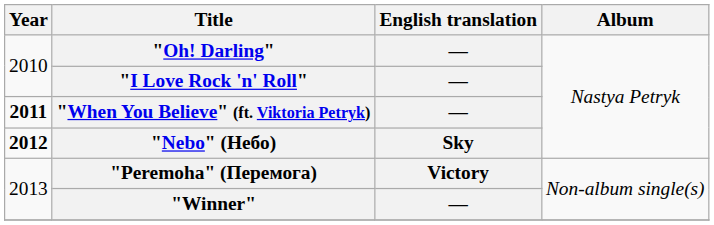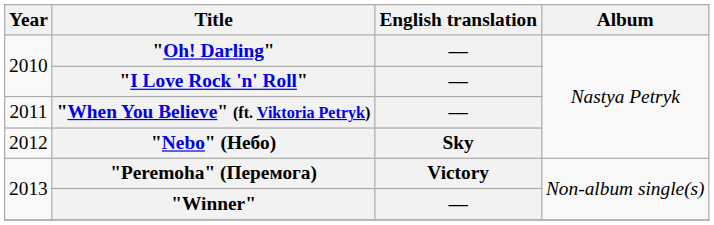 <table class="wikitable plainrowheaders" style=text-align:center;">
 <tr>
 <th scope="col" rowspan="1">Year</th>
 <th scope="col" rowspan="1">Title</th>
 <th scope="col" rowspan="1">English translation</th>
 <th scope="col" rowspan="1">Album</th>
 </tr>
 <tr>
 <td rowspan="2">2010</td>
 <th scope="row">"<a href='#'>Oh! Darling</a>"</th>
 <th scope="row">—</th>
 <td rowspan="4"><em>Nastya Petryk</em></td>
 </tr>
 <tr>
 <th scope="row">"<a href='#'>I Love Rock 'n' Roll</a>"</th>
 <th scope="row">—</th>
 </tr>
 <tr>
-<td><strong>2011</strong></td>
+<td>2011</td>
 <th scope="row">"<a href='#'>When You Believe</a>" <small>(ft. <a href='#'>Viktoria Petryk</a>)</small></th>
 <th scope="row">—</th>
 </tr>
 <tr>
-<td><strong>2012</strong></td>
+<td>2012</td>
 <th scope="row">"<a href='#'>Nebo</a>" (Небо)</th>
 <th scope="row">Sky</th>
 </tr>
 <tr>
 <td rowspan="2">2013</td>
 <th scope="row">"Peremoha" (Перемога)</th>
 <th scope="row">Victory</th>
 <td rowspan="2"><em>Non-album single(s)</em></td>
 </tr>
 <tr>
 <th scope="row">"Winner"</th>
 <th scope="row">—</th>
 </tr>
 <tr>
 </tr>
 </table>
